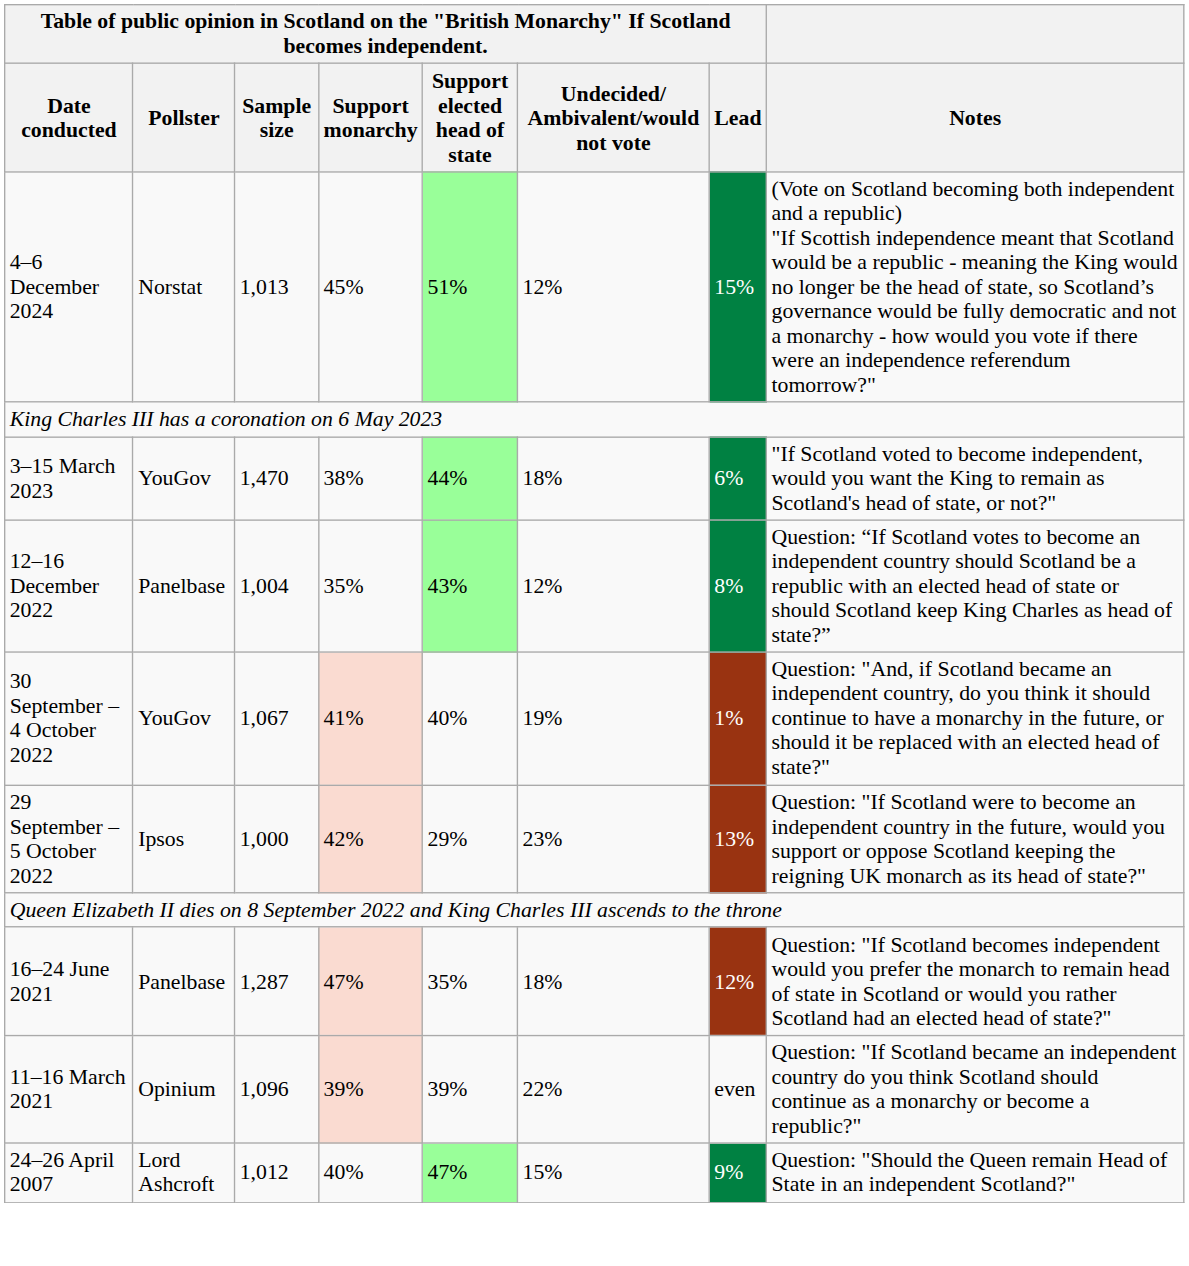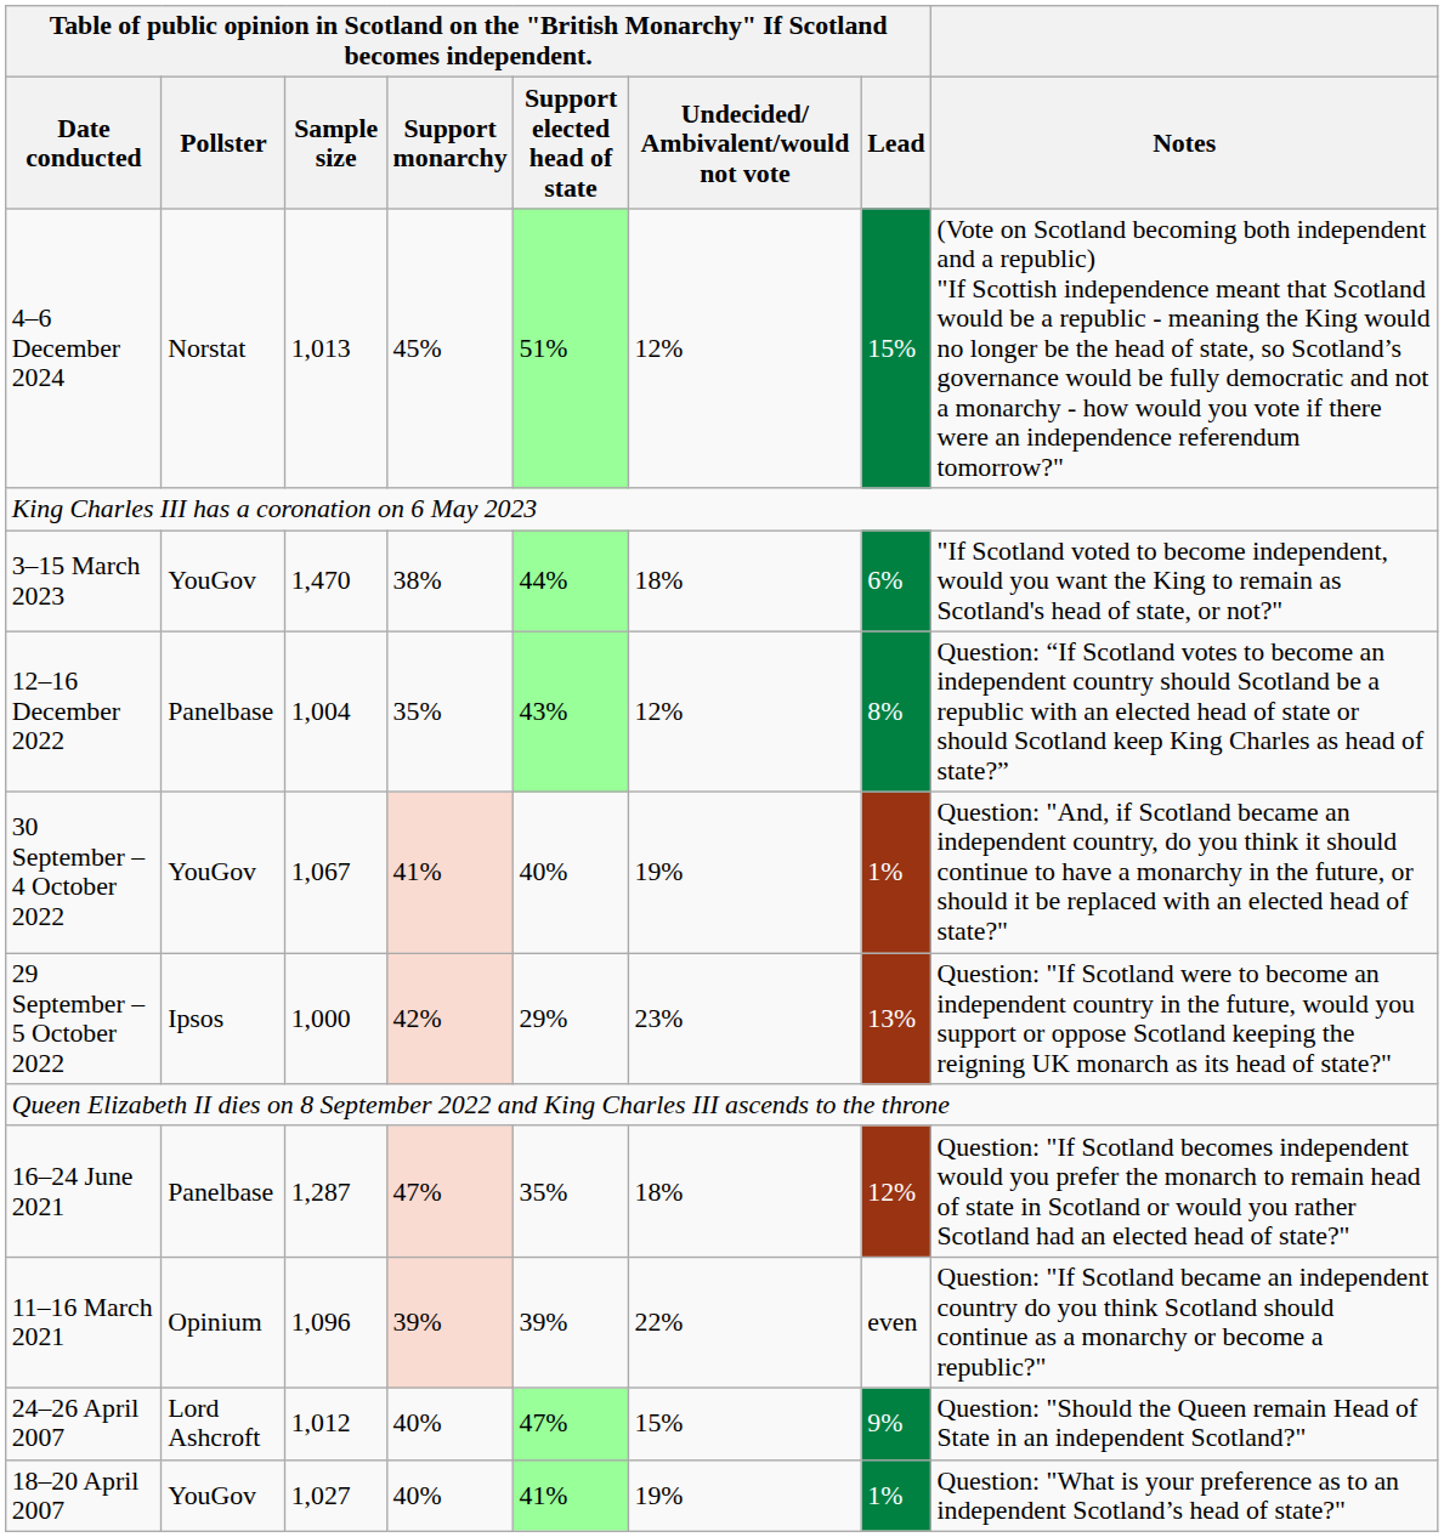 <table class="wikitable">
 <tr>
 <th colspan="7">Table of public opinion in Scotland on the "British Monarchy" If Scotland becomes independent.</th>
 <th></th>
 </tr>
 <tr>
 <th>Date conducted</th>
 <th>Pollster</th>
 <th>Sample size</th>
 <th>Support<br>monarchy</th>
 <th>Support elected<br>head of state</th>
 <th>Undecided/<br>Ambivalent/would not vote</th>
 <th>Lead</th>
 <th>Notes</th>
 </tr>
 <tr>
 <td>4–6 December 2024</td>
 <td>Norstat</td>
 <td>1,013</td>
 <td>45%</td>
 <td style="background: rgb(153, 255, 153);">51%</td>
 <td>12%</td>
 <td style="background: rgb(0, 129, 66); color: white;">15%</td>
 <td>(Vote on Scotland becoming both independent and a republic)<br>"If Scottish independence meant that Scotland would be a republic - meaning the King would no longer be the head of state, so Scotland’s governance would be fully democratic and not a monarchy - how would you vote if there were an independence referendum tomorrow?"</td>
 </tr>
 <tr>
 <td colspan="8"><em>King Charles III has a coronation on 6 May 2023</em></td>
 </tr>
 <tr>
 <td>3–15 March 2023</td>
 <td>YouGov</td>
 <td>1,470</td>
 <td>38%</td>
 <td style="background: rgb(153, 255, 153);">44%</td>
 <td>18%</td>
 <td style="background: rgb(0, 129, 66); color: white;">6%</td>
 <td>"If Scotland voted to become independent, would you want the King to remain as Scotland's head of state, or not?"</td>
 </tr>
 <tr>
 <td>12–16 December 2022</td>
 <td>Panelbase</td>
 <td>1,004</td>
 <td>35%</td>
 <td style="background: rgb(153, 255, 153);">43%</td>
 <td>12%</td>
 <td style="background: rgb(0, 129, 66); color: white;">8%</td>
 <td>Question: “If Scotland votes to become an independent country should Scotland be a republic with an elected head of state or should Scotland keep King Charles as head of state?”</td>
 </tr>
 <tr>
 <td>30 September – 4 October 2022</td>
 <td>YouGov</td>
 <td>1,067</td>
 <td style="background:#FADBD1">41%</td>
 <td>40%</td>
 <td>19%</td>
 <td style="background:#993311;color:#FFFFFF;">1%</td>
 <td>Question: "And, if Scotland became an independent country, do you think it should continue to have a monarchy in the future, or should it be replaced with an elected head of state?"</td>
 </tr>
 <tr>
 <td>29 September – 5 October 2022</td>
 <td>Ipsos</td>
 <td>1,000</td>
 <td style="background:#FADBD1">42%</td>
 <td>29%</td>
 <td>23%</td>
 <td style="background:#993311;color:#FFFFFF;">13%</td>
 <td>Question: "If Scotland were to become an independent country in the future, would you support or oppose Scotland keeping the reigning UK monarch as its head of state?"</td>
 </tr>
 <tr>
 <td colspan="8"><em>Queen Elizabeth II dies on 8 September 2022 and King Charles III ascends to the throne</em></td>
 </tr>
 <tr>
 <td>16–24 June 2021</td>
 <td>Panelbase</td>
 <td>1,287</td>
 <td style="background:#FADBD1">47%</td>
 <td>35%</td>
 <td>18%</td>
 <td style="background:#993311;color:#FFFFFF;">12%</td>
 <td>Question: "If Scotland becomes independent would you prefer the monarch to remain head of state in Scotland or would you rather Scotland had an elected head of state?"</td>
 </tr>
 <tr>
 <td>11–16 March 2021</td>
 <td>Opinium</td>
 <td>1,096</td>
 <td style="background:#FADBD1">39%</td>
 <td>39%</td>
 <td>22%</td>
 <td>even</td>
 <td>Question: "If Scotland became an independent country do you think Scotland should continue as a monarchy or become a republic?"</td>
 </tr>
 <tr>
 <td>24–26 April 2007</td>
 <td>Lord Ashcroft</td>
 <td>1,012</td>
 <td>40%</td>
 <td style="background: rgb(153, 255, 153);">47%</td>
 <td>15%</td>
 <td style="background: rgb(0, 129, 66); color: white;">9%</td>
 <td>Question: "Should the Queen remain Head of State in an independent Scotland?"</td>
 </tr>
+<tr>
+<td>18–20 April 2007</td>
+<td>YouGov</td>
+<td>1,027</td>
+<td>40%</td>
+<td style="background: rgb(153, 255, 153);">41%</td>
+<td>19%</td>
+<td style="background: rgb(0, 129, 66); color: white;">1%</td>
+<td>Question: "What is your preference as to an independent Scotland’s head of state?"</td>
+</tr>
 </table>
